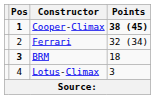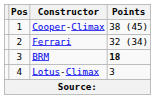 <table class="wikitable" style="font-size: 95%;">
 <tr>
 <th></th>
 <th>Pos</th>
 <th>Constructor</th>
 <th>Points</th>
 </tr>
 <tr>
 <td align="left"></td>
-<td align="center"><strong>1</strong></td>
+<td align="center">1</td>
 <td> <a href='#'>Cooper</a>-<a href='#'>Climax</a></td>
-<td align=left><strong>38 (45)</strong></td>
+<td align=left>38 (45)</td>
 </tr>
 <tr>
 <td align="left"></td>
 <td align="center">2</td>
 <td> <a href='#'>Ferrari</a></td>
 <td align=left>32 (34)</td>
 </tr>
 <tr>
 <td align="left"></td>
-<td align="center"><strong>3</strong></td>
+<td align="center">3</td>
 <td> <a href='#'>BRM</a></td>
-<td align=left>18</td>
+<td align=left><strong>18</strong></td>
 </tr>
 <tr>
 <td align="left"></td>
 <td align="center">4</td>
 <td> <a href='#'>Lotus</a>-<a href='#'>Climax</a></td>
 <td align=left>3</td>
 </tr>
 <tr>
 <th colspan=4>Source: </th>
 </tr>
 </table>
